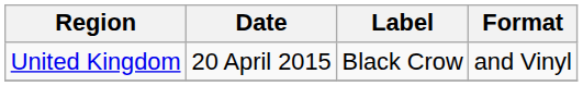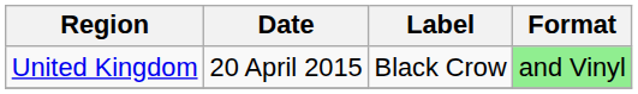 <table class=wikitable>
 <tr>
 <th>Region</th>
 <th>Date</th>
 <th>Label</th>
 <th>Format</th>
 </tr>
 <tr>
 <td><a href='#'>United Kingdom</a></td>
 <td>20 April 2015</td>
 <td>Black Crow</td>
-<td>and Vinyl</td>
+<td style="background: lightgreen;">and Vinyl</td>
 </tr>
 <tr>
 </tr>
 </table>
